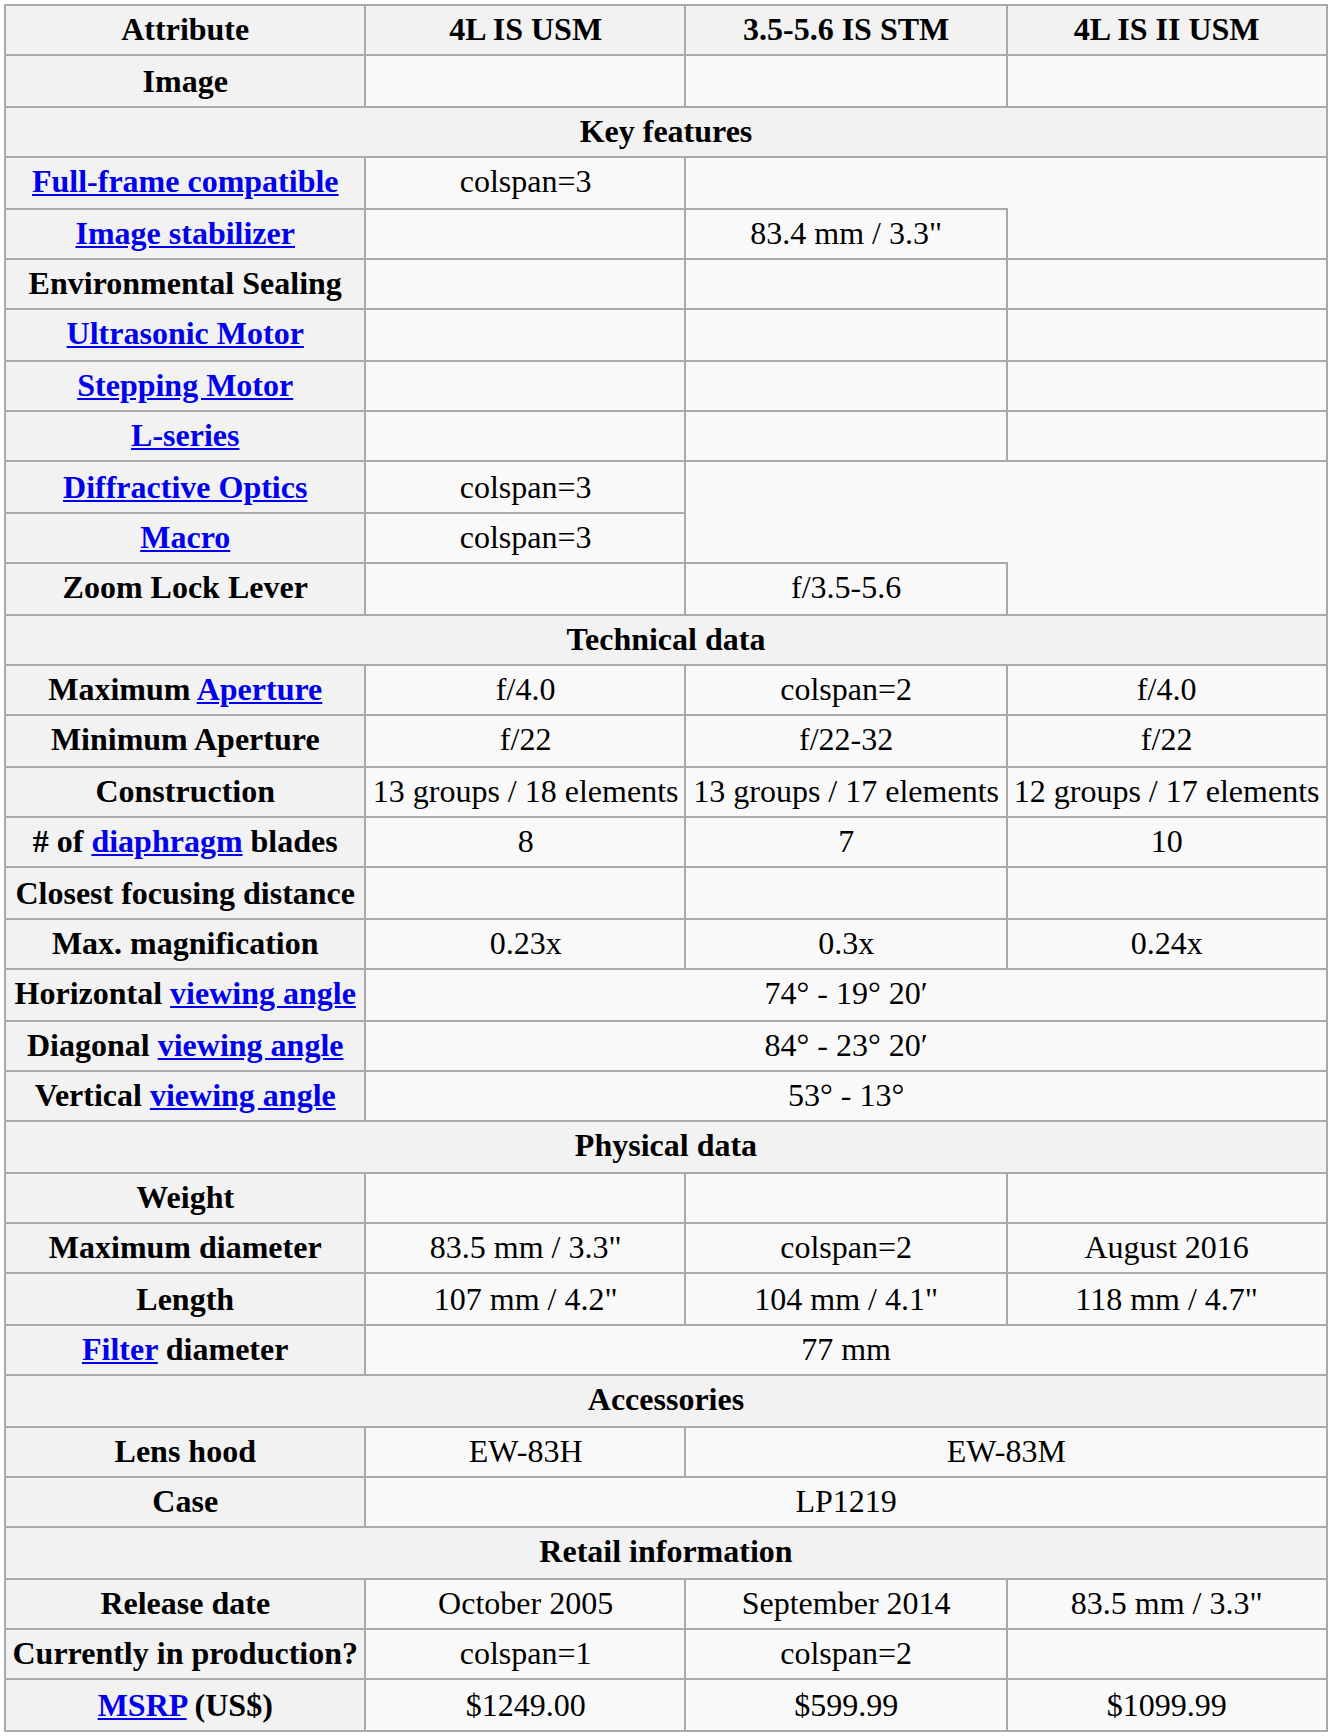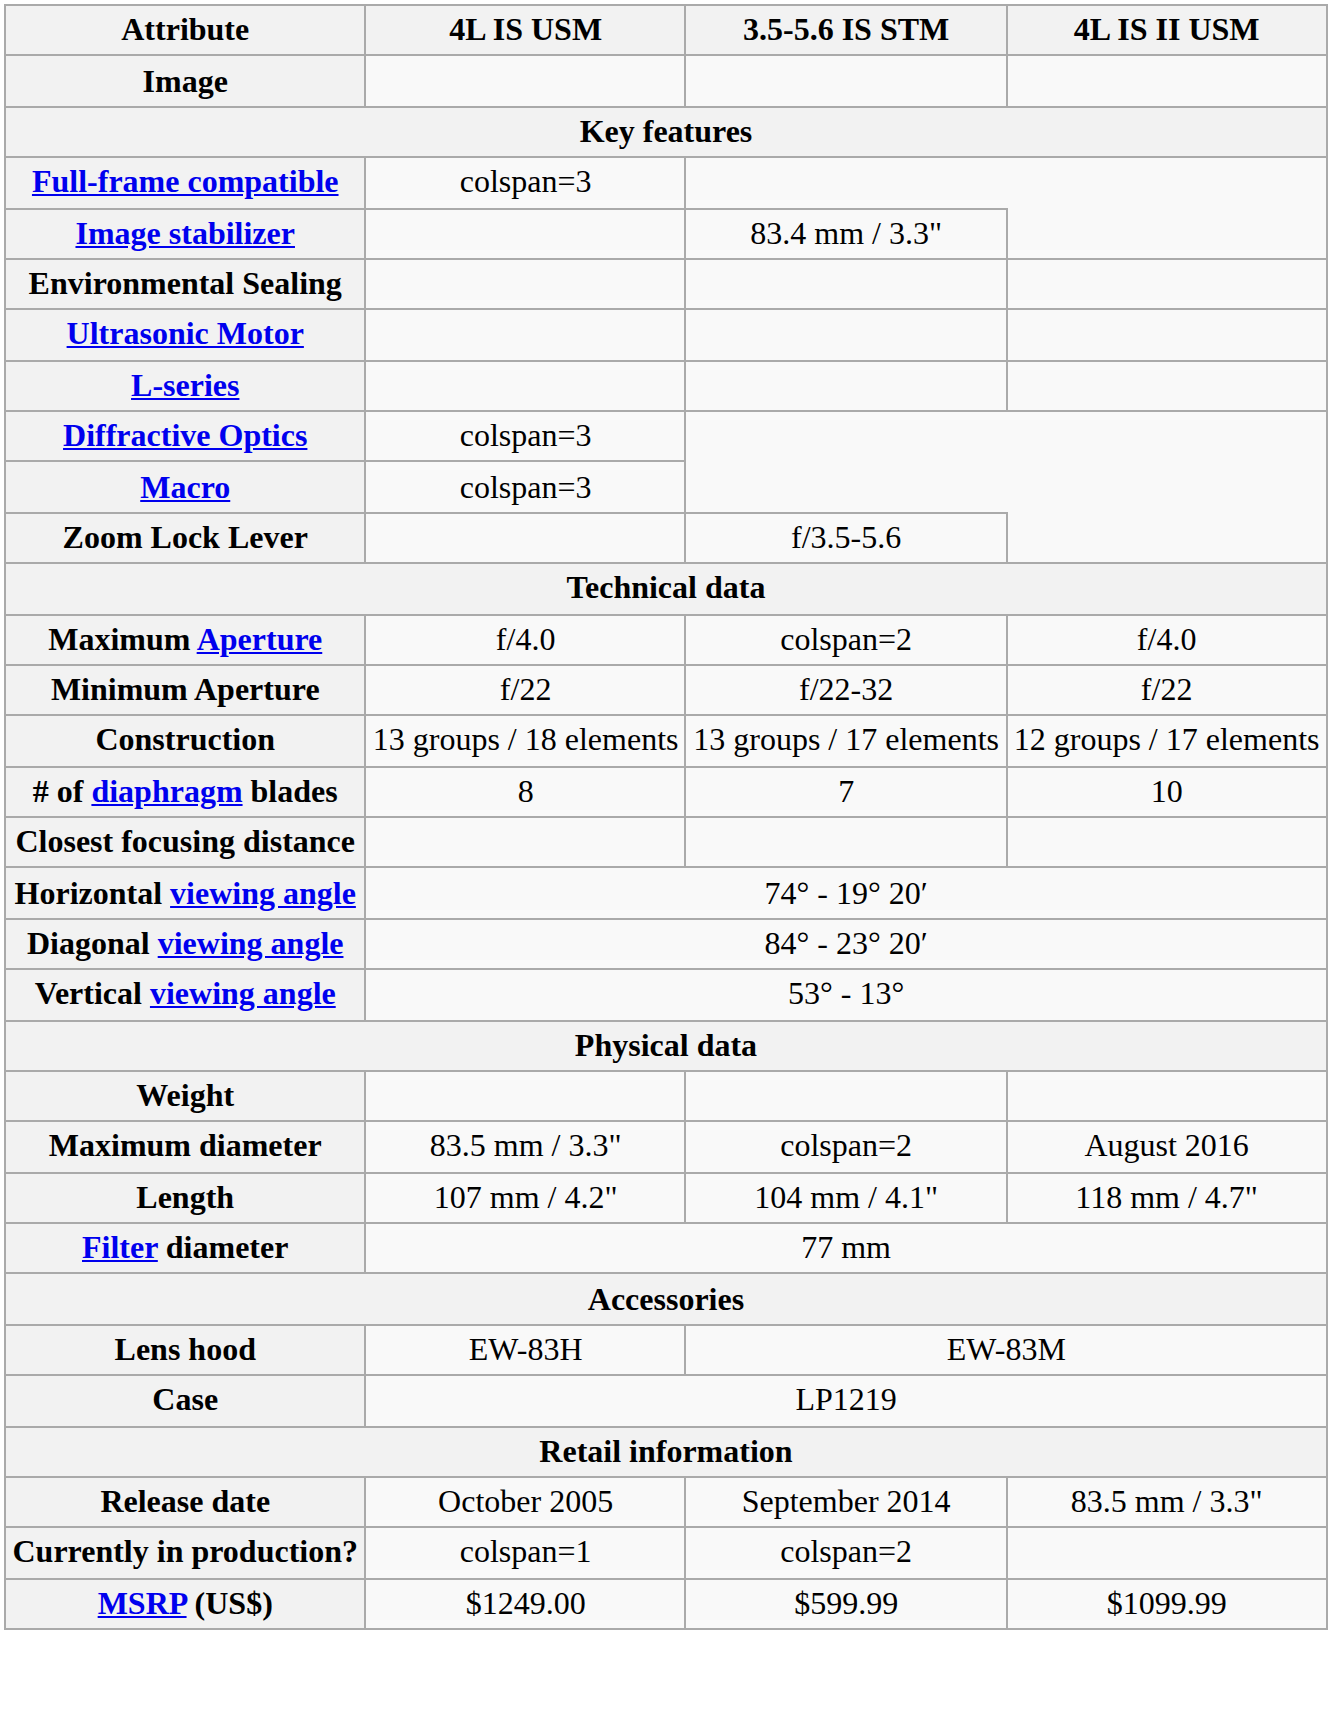 <table class="wikitable" style="margin: 1em auto; text-align:center;">
 <tr>
 <th>Attribute</th>
 <th>4L IS USM</th>
 <th>3.5-5.6 IS STM</th>
 <th>4L IS II USM</th>
 </tr>
 <tr>
 <th>Image</th>
 <td></td>
 <td></td>
 <td></td>
 </tr>
 <tr>
 <th colspan=4>Key features</th>
 </tr>
 <tr>
 <th><a href='#'>Full-frame compatible</a></th>
 <td>colspan=3 </td>
 </tr>
 <tr>
 <th><a href='#'>Image stabilizer</a></th>
 <td></td>
 <td>83.4 mm / 3.3"</td>
 </tr>
 <tr>
 <th>Environmental Sealing</th>
 <td></td>
 <td></td>
 <td></td>
 </tr>
 <tr>
 <th><a href='#'>Ultrasonic Motor</a></th>
-<td></td>
-<td></td>
-<td></td>
-</tr>
-<tr>
-<th><a href='#'>Stepping Motor</a></th>
 <td></td>
 <td></td>
 <td></td>
 </tr>
 <tr>
 <th><a href='#'>L-series</a></th>
 <td></td>
 <td></td>
 <td></td>
 </tr>
 <tr>
 <th><a href='#'>Diffractive Optics</a></th>
 <td>colspan=3 </td>
 </tr>
 <tr>
 <th><a href='#'>Macro</a></th>
 <td>colspan=3 </td>
 </tr>
 <tr>
 <th>Zoom Lock Lever</th>
 <td></td>
 <td>f/3.5-5.6</td>
 </tr>
 <tr>
 <th colspan=4>Technical data</th>
 </tr>
 <tr>
 <th>Maximum <a href='#'>Aperture</a></th>
 <td>f/4.0</td>
 <td>colspan=2 </td>
 <td>f/4.0</td>
 </tr>
 <tr>
 <th>Minimum Aperture</th>
 <td>f/22</td>
 <td>f/22-32</td>
 <td>f/22</td>
 </tr>
 <tr>
 <th>Construction</th>
 <td>13 groups / 18 elements</td>
 <td>13 groups / 17 elements</td>
 <td>12 groups / 17 elements</td>
 </tr>
 <tr>
 <th># of <a href='#'>diaphragm</a> blades</th>
 <td>8</td>
 <td>7</td>
 <td>10</td>
 </tr>
 <tr>
 <th>Closest focusing distance</th>
 <td></td>
 <td></td>
 <td></td>
-</tr>
-<tr>
-<th>Max. magnification</th>
-<td>0.23x</td>
-<td>0.3x</td>
-<td>0.24x</td>
 </tr>
 <tr>
 <th>Horizontal <a href='#'>viewing angle</a></th>
 <td colspan=3>74° - 19° 20′</td>
 </tr>
 <tr>
 <th>Diagonal <a href='#'>viewing angle</a></th>
 <td colspan=3>84° - 23° 20′</td>
 </tr>
 <tr>
 <th>Vertical <a href='#'>viewing angle</a></th>
 <td colspan=3>53° - 13°</td>
 </tr>
 <tr>
 <th colspan=4>Physical data</th>
 </tr>
 <tr>
 <th>Weight</th>
 <td></td>
 <td></td>
 <td></td>
 </tr>
 <tr>
 <th>Maximum diameter</th>
 <td>83.5 mm / 3.3"</td>
 <td>colspan=2 </td>
 <td>August 2016</td>
 </tr>
 <tr>
 <th>Length</th>
 <td>107 mm / 4.2"</td>
 <td>104 mm / 4.1"</td>
 <td>118 mm / 4.7"</td>
 </tr>
 <tr>
 <th><a href='#'>Filter</a> diameter</th>
 <td colspan=3>77 mm</td>
 </tr>
 <tr>
 <th colspan=4>Accessories</th>
 </tr>
 <tr>
 <th>Lens hood</th>
 <td>EW-83H</td>
 <td colspan=2>EW-83M</td>
 </tr>
 <tr>
 <th>Case</th>
 <td colspan=3>LP1219</td>
 </tr>
 <tr>
 <th colspan=4>Retail information</th>
 </tr>
 <tr>
 <th>Release date</th>
 <td>October 2005</td>
 <td>September 2014</td>
 <td>83.5 mm / 3.3"</td>
 </tr>
 <tr>
 <th>Currently in production?</th>
 <td>colspan=1 </td>
 <td>colspan=2 </td>
 </tr>
 <tr>
 <th><a href='#'>MSRP</a> (US$)</th>
 <td>$1249.00</td>
 <td>$599.99</td>
 <td>$1099.99</td>
 </tr>
 </table>
